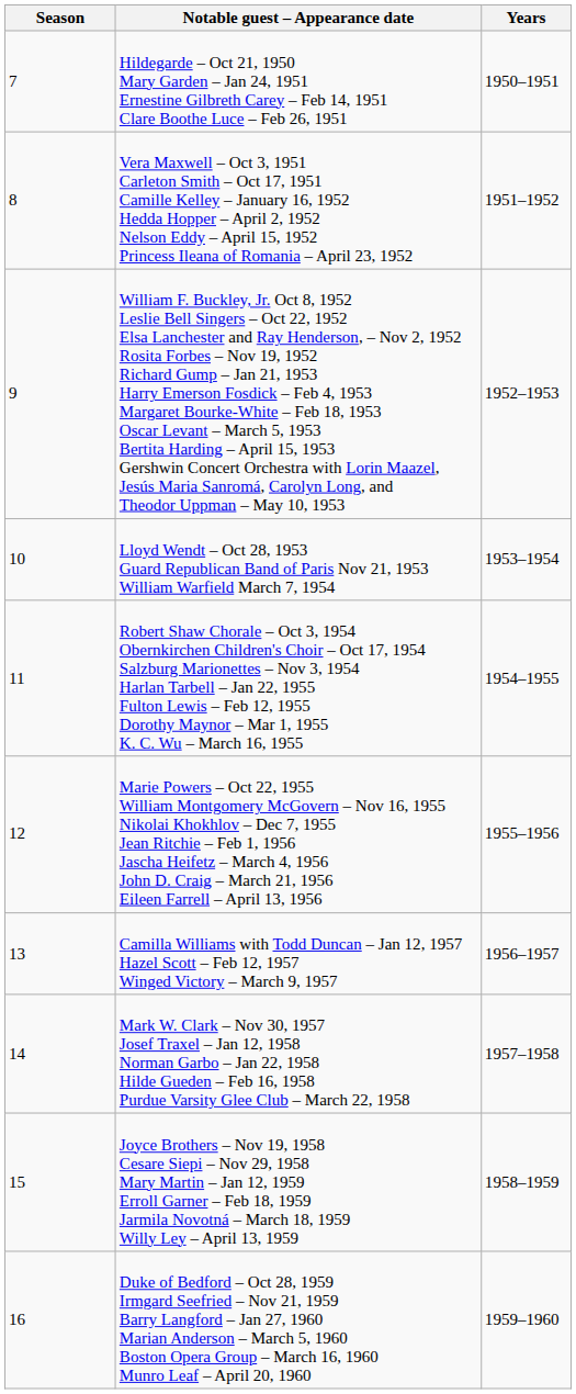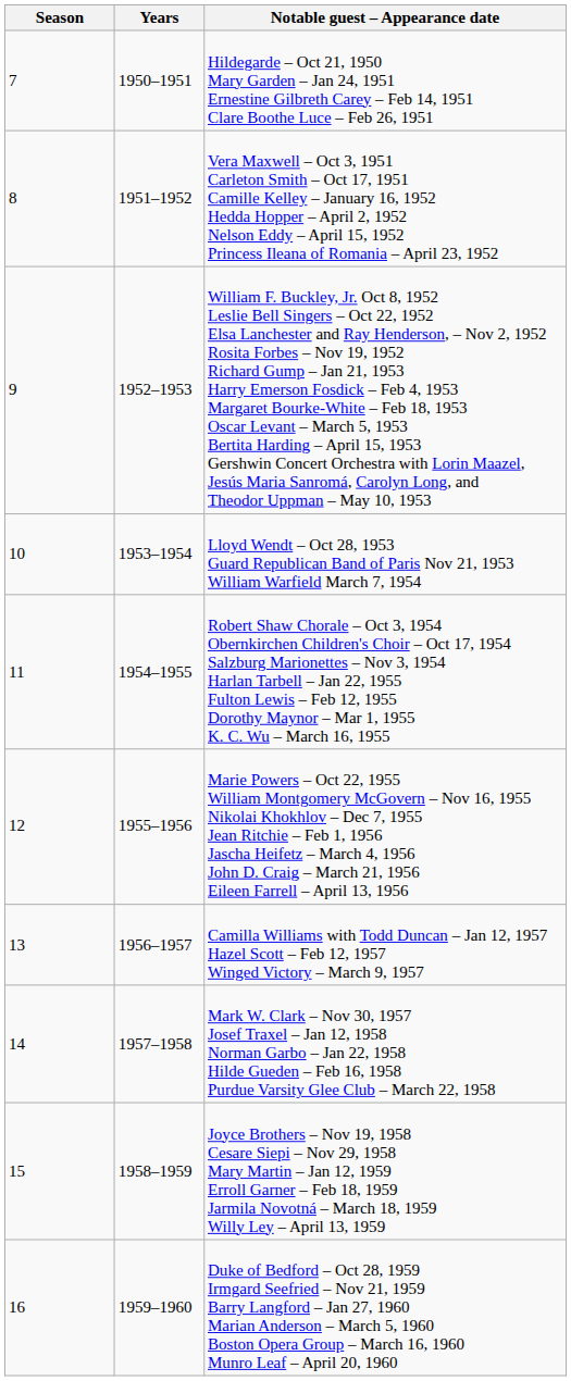 <table class="wikitable collapsible" width="550">
 <tr>
 <th scope="col" width="100px">Season</th>
+<th scope="col" width="80px">Years</th>
 <th>Notable guest – Appearance date</th>
-<th scope="col" width="80px">Years</th>
 </tr>
 <tr>
 <td>7</td>
+<td>1950–1951</td>
 <td><br><a href='#'>Hildegarde</a> – Oct 21, 1950<br> <a href='#'>Mary Garden</a> – Jan 24, 1951<br> <a href='#'>Ernestine Gilbreth Carey</a> – Feb 14, 1951<br> <a href='#'>Clare Boothe Luce</a> – Feb 26, 1951</td>
-<td>1950–1951</td>
 </tr>
 <tr>
 <td>8</td>
+<td>1951–1952</td>
 <td><br><a href='#'>Vera Maxwell</a> – Oct 3, 1951<br> <a href='#'>Carleton Smith</a> – Oct 17, 1951<br> <a href='#'>Camille Kelley</a> – January 16, 1952<br> <a href='#'>Hedda Hopper</a> – April 2, 1952<br> <a href='#'>Nelson Eddy</a> – April 15, 1952<br> <a href='#'>Princess Ileana of Romania</a> – April 23, 1952</td>
-<td>1951–1952</td>
 </tr>
 <tr>
 <td>9</td>
+<td>1952–1953</td>
 <td><br><a href='#'>William F. Buckley, Jr.</a> Oct 8, 1952<br> <a href='#'>Leslie Bell Singers</a> – Oct 22, 1952<br> <a href='#'>Elsa Lanchester</a> and <a href='#'>Ray Henderson</a>,  – Nov 2, 1952<br> <a href='#'>Rosita Forbes</a> – Nov 19, 1952<br> <a href='#'>Richard Gump</a> – Jan 21, 1953<br> <a href='#'>Harry Emerson Fosdick</a> – Feb 4, 1953<br> <a href='#'>Margaret Bourke-White</a> – Feb 18, 1953<br> <a href='#'>Oscar Levant</a> – March 5, 1953<br> <a href='#'>Bertita Harding</a> – April 15, 1953<br> Gershwin Concert Orchestra with <a href='#'>Lorin Maazel</a>,<br><a href='#'>Jesús Maria Sanromá</a>, <a href='#'>Carolyn Long</a>, and<br><a href='#'>Theodor Uppman</a> – May 10, 1953</td>
-<td>1952–1953</td>
 </tr>
 <tr>
 <td>10</td>
+<td>1953–1954</td>
 <td><br><a href='#'>Lloyd Wendt</a> – Oct 28, 1953<br> <a href='#'>Guard Republican Band of Paris</a> Nov 21, 1953<br> <a href='#'>William Warfield</a> March 7, 1954</td>
-<td>1953–1954</td>
 </tr>
 <tr>
 <td>11</td>
+<td>1954–1955</td>
 <td><br><a href='#'>Robert Shaw Chorale</a> – Oct 3, 1954<br> <a href='#'>Obernkirchen Children's Choir</a> – Oct 17, 1954<br> <a href='#'>Salzburg Marionettes</a> – Nov 3, 1954<br> <a href='#'>Harlan Tarbell</a> – Jan 22, 1955<br> <a href='#'>Fulton Lewis</a> – Feb 12, 1955<br> <a href='#'>Dorothy Maynor</a> – Mar 1, 1955<br> <a href='#'>K. C. Wu</a> – March 16, 1955</td>
-<td>1954–1955</td>
 </tr>
 <tr>
 <td>12</td>
+<td>1955–1956</td>
 <td><br><a href='#'>Marie Powers</a> – Oct 22, 1955<br> <a href='#'>William Montgomery McGovern</a> – Nov 16, 1955<br> <a href='#'>Nikolai Khokhlov</a> – Dec 7, 1955<br> <a href='#'>Jean Ritchie</a> – Feb 1, 1956<br> <a href='#'>Jascha Heifetz</a> – March 4, 1956<br> <a href='#'>John D. Craig</a> – March 21, 1956<br> <a href='#'>Eileen Farrell</a> – April 13, 1956</td>
-<td>1955–1956</td>
 </tr>
 <tr>
 <td>13</td>
+<td>1956–1957</td>
 <td><br><a href='#'>Camilla Williams</a> with <a href='#'>Todd Duncan</a> – Jan 12, 1957<br> <a href='#'>Hazel Scott</a> – Feb 12, 1957<br> <a href='#'>Winged Victory</a> – March 9, 1957</td>
-<td>1956–1957</td>
 </tr>
 <tr>
 <td>14</td>
+<td>1957–1958</td>
 <td><br><a href='#'>Mark W. Clark</a> – Nov 30, 1957<br> <a href='#'>Josef Traxel</a> – Jan 12, 1958<br> <a href='#'>Norman Garbo</a> – Jan 22, 1958<br> <a href='#'>Hilde Gueden</a> – Feb 16, 1958<br> <a href='#'>Purdue Varsity Glee Club</a> – March 22, 1958</td>
-<td>1957–1958</td>
 </tr>
 <tr>
 <td>15</td>
+<td>1958–1959</td>
 <td><br><a href='#'>Joyce Brothers</a> – Nov 19, 1958<br> <a href='#'>Cesare Siepi</a> – Nov 29, 1958<br> <a href='#'>Mary Martin</a> – Jan 12, 1959<br> <a href='#'>Erroll Garner</a> – Feb 18, 1959<br> <a href='#'>Jarmila Novotná</a> – March 18, 1959<br> <a href='#'>Willy Ley</a> – April 13, 1959</td>
-<td>1958–1959</td>
 </tr>
 <tr>
 <td>16</td>
+<td>1959–1960</td>
 <td><br><a href='#'>Duke of Bedford</a> – Oct 28, 1959<br> <a href='#'>Irmgard Seefried</a> – Nov 21, 1959<br> <a href='#'>Barry Langford</a> – Jan 27, 1960<br> <a href='#'>Marian Anderson</a> – March 5, 1960<br> <a href='#'>Boston Opera Group</a> – March 16, 1960<br> <a href='#'>Munro Leaf</a> – April 20, 1960</td>
-<td>1959–1960</td>
 </tr>
 </table>
